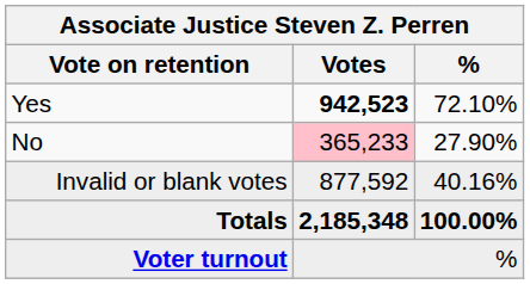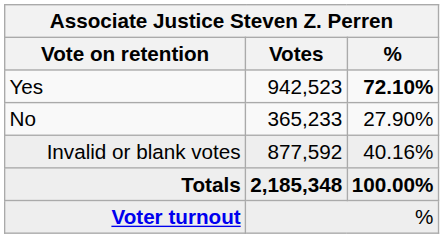 <table class="wikitable" style="font-size: 95%;">
 <tr style="background-color:#E9E9E9">
 <th colspan=7>Associate Justice Steven Z. Perren</th>
 </tr>
 <tr style="background-color:#E9E9E9">
 <th style="width: 170px">Vote on retention</th>
 <th style="width: 50px">Votes</th>
 <th style="width: 40px">%</th>
 </tr>
 <tr>
 <td>Yes</td>
-<td align="right"><strong>942,523</strong></td>
-<td align="right">72.10%</td>
+<td align="right">942,523</td>
+<td align="right"><strong>72.10%</strong></td>
 </tr>
 <tr>
 <td>No</td>
-<td align="right" style="background: pink;">365,233</td>
+<td align="right">365,233</td>
 <td align="right">27.90%</td>
 </tr>
 <tr bgcolor="#EEEEEE">
 <td align="right">Invalid or blank votes</td>
 <td align="right">877,592</td>
 <td align="right">40.16%</td>
 </tr>
 <tr bgcolor="#EEEEEE">
 <td align="right"><strong>Totals</strong></td>
 <td align="right"><strong>2,185,348</strong></td>
 <td align="right"><strong>100.00%</strong></td>
 </tr>
 <tr bgcolor="#EEEEEE">
 <td align="right"><strong><a href='#'>Voter turnout</a></strong></td>
 <td colspan="2" align="right">%</td>
 </tr>
 </table>
